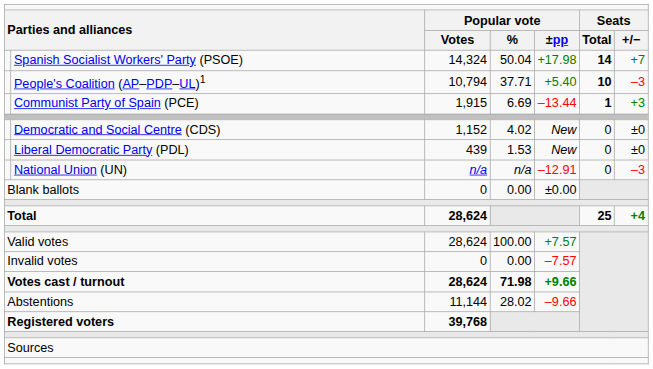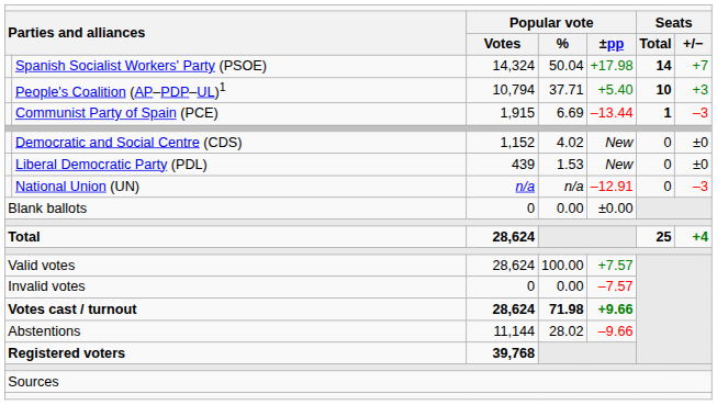 <table class="wikitable" style="text-align:right;">
 <tr>
 <td colspan="7"></td>
 </tr>
 <tr>
 <th style="text-align:left;" rowspan="2" colspan="2" width="525">Parties and alliances</th>
 <th colspan="3">Popular vote</th>
 <th colspan="2">Seats</th>
 </tr>
 <tr>
 <th width="75">Votes</th>
 <th width="45">%</th>
 <th width="45">±<a href='#'>pp</a></th>
 <th width="35">Total</th>
 <th width="35">+/−</th>
 </tr>
 <tr>
 <td width="1" style="color:inherit;background:"></td>
 <td align="left"><a href='#'>Spanish Socialist Workers' Party</a> (PSOE)</td>
 <td>14,324</td>
 <td>50.04</td>
 <td style="color:green;">+17.98</td>
 <td><strong>14</strong></td>
 <td style="color:green;">+7</td>
 </tr>
 <tr>
 <td style="color:inherit;background:"></td>
 <td align="left"><a href='#'>People's Coalition</a> (<a href='#'>AP</a>–<a href='#'>PDP</a>–<a href='#'>UL</a>)<sup>1</sup></td>
 <td>10,794</td>
 <td>37.71</td>
 <td style="color:green;">+5.40</td>
 <td><strong>10</strong></td>
-<td style="color:red;">–3</td>
+<td style="color:green;">+3</td>
 </tr>
 <tr>
 <td style="color:inherit;background:"></td>
 <td align="left"><a href='#'>Communist Party of Spain</a> (PCE)</td>
 <td>1,915</td>
 <td>6.69</td>
 <td style="color:red;">–13.44</td>
 <td><strong>1</strong></td>
-<td style="color:green;">+3</td>
+<td style="color:red;">–3</td>
 </tr>
 <tr>
 <td colspan="7" bgcolor="#C0C0C0"></td>
 </tr>
 <tr>
 <td style="color:inherit;background:"></td>
 <td align="left"><a href='#'>Democratic and Social Centre</a> (CDS)</td>
 <td>1,152</td>
 <td>4.02</td>
 <td><em>New</em></td>
 <td>0</td>
 <td>±0</td>
 </tr>
 <tr>
 <td style="color:inherit;background:"></td>
 <td align="left"><a href='#'>Liberal Democratic Party</a> (PDL)</td>
 <td>439</td>
 <td>1.53</td>
 <td><em>New</em></td>
 <td>0</td>
 <td>±0</td>
 </tr>
 <tr>
 <td style="color:inherit;background:"></td>
 <td align="left"><a href='#'>National Union</a> (UN)</td>
 <td><em><a href='#'>n/a</a></em></td>
 <td><em>n/a</em></td>
 <td style="color:red;">–12.91</td>
 <td>0</td>
 <td style="color:red;">–3</td>
 </tr>
 <tr>
 <td align="left" colspan="2">Blank ballots</td>
 <td>0</td>
 <td>0.00</td>
 <td>±0.00</td>
 <td bgcolor="#E9E9E9" colspan="2"></td>
 </tr>
 <tr>
 <td colspan="7" bgcolor="#E9E9E9"></td>
 </tr>
 <tr style="font-weight:bold;">
 <td align="left" colspan="2">Total</td>
 <td>28,624</td>
 <td bgcolor="#E9E9E9" colspan="2"></td>
 <td>25</td>
 <td style="color:green;">+4</td>
 </tr>
 <tr>
 <td colspan="7" bgcolor="#E9E9E9"></td>
 </tr>
 <tr>
 <td align="left" colspan="2">Valid votes</td>
 <td>28,624</td>
 <td>100.00</td>
 <td style="color:green;">+7.57</td>
 <td bgcolor="#E9E9E9" colspan="2" rowspan="5"></td>
 </tr>
 <tr>
 <td align="left" colspan="2">Invalid votes</td>
 <td>0</td>
 <td>0.00</td>
 <td style="color:red;">–7.57</td>
 </tr>
 <tr style="font-weight:bold;">
 <td align="left" colspan="2">Votes cast / turnout</td>
 <td>28,624</td>
 <td>71.98</td>
 <td style="color:green;">+9.66</td>
 </tr>
 <tr>
 <td align="left" colspan="2">Abstentions</td>
 <td>11,144</td>
 <td>28.02</td>
 <td style="color:red;">–9.66</td>
 </tr>
 <tr style="font-weight:bold;">
 <td align="left" colspan="2">Registered voters</td>
 <td>39,768</td>
 <td bgcolor="#E9E9E9" colspan="2"></td>
 </tr>
 <tr>
 <td colspan="7" bgcolor="#E9E9E9"></td>
 </tr>
 <tr>
 <td align="left" colspan="7">Sources</td>
 </tr>
 <tr>
 <td colspan="7" style="text-align:left; max-width:790px;"></td>
 </tr>
 </table>
